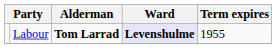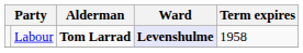 <table class="wikitable">
 <tr>
 <th colspan="2">Party</th>
 <th>Alderman</th>
 <th>Ward</th>
 <th>Term expires</th>
 </tr>
 <tr>
 <td style="background-color:"></td>
 <td><a href='#'>Labour</a></td>
 <td><strong>Tom Larrad</strong></td>
 <td style="background: lavender;"><strong>Levenshulme</strong></td>
-<td>1955</td>
+<td>1958</td>
 </tr>
 <tr>
 </tr>
 </table>
